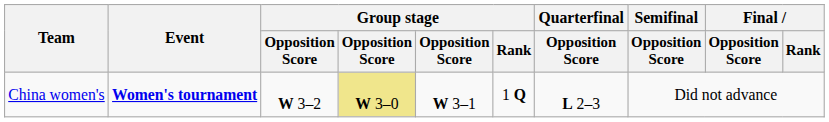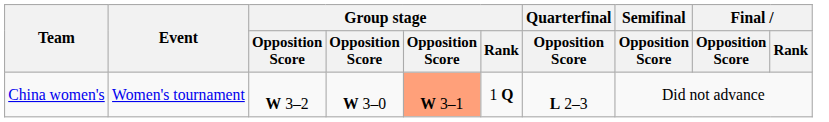 <table class="wikitable" style="font-size:90%">
 <tr>
 <th rowspan=2>Team</th>
 <th rowspan=2>Event</th>
 <th colspan=4>Group stage</th>
 <th>Quarterfinal</th>
 <th>Semifinal</th>
 <th colspan=2>Final / </th>
 </tr>
 <tr style="font-size:95%">
 <th>Opposition<br>Score</th>
 <th>Opposition<br>Score</th>
 <th>Opposition<br>Score</th>
 <th>Rank</th>
 <th>Opposition<br>Score</th>
 <th>Opposition<br>Score</th>
 <th>Opposition<br>Score</th>
 <th>Rank</th>
 </tr>
 <tr align=center>
 <td align=left><a href='#'>China women's</a></td>
-<td align=left><strong><a href='#'>Women's tournament</a></strong></td>
+<td align=left><a href='#'>Women's tournament</a></td>
 <td><br><strong>W</strong> 3–2</td>
-<td style="background: khaki;"><br><strong>W</strong> 3–0</td>
-<td><br><strong>W</strong> 3–1</td>
+<td><br><strong>W</strong> 3–0</td>
+<td style="background: lightsalmon;"><br><strong>W</strong> 3–1</td>
 <td>1 <strong>Q</strong></td>
 <td><br><strong>L</strong> 2–3</td>
 <td colspan=3>Did not advance</td>
 </tr>
 </table>
